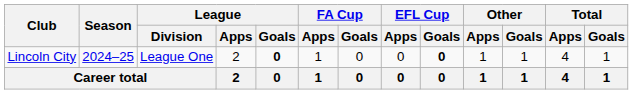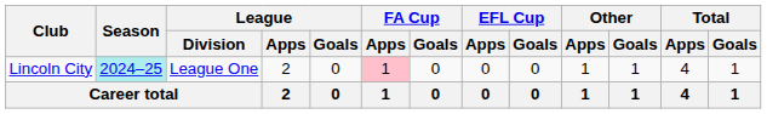 <table class="wikitable" style="text-align:center;">
 <tr>
 <th rowspan="2">Club</th>
 <th rowspan="2">Season</th>
 <th colspan="3">League</th>
 <th colspan="2"><a href='#'>FA Cup</a></th>
 <th colspan="2"><a href='#'>EFL Cup</a></th>
 <th colspan="2">Other</th>
 <th colspan="2">Total</th>
 </tr>
 <tr>
 <th>Division</th>
 <th>Apps</th>
 <th>Goals</th>
 <th>Apps</th>
 <th>Goals</th>
 <th>Apps</th>
 <th>Goals</th>
 <th>Apps</th>
 <th>Goals</th>
 <th>Apps</th>
 <th>Goals</th>
 </tr>
 <tr>
 <td><a href='#'>Lincoln City</a></td>
-<td><a href='#'>2024–25</a></td>
+<td style="background: paleturquoise;"><a href='#'>2024–25</a></td>
 <td><a href='#'>League One</a></td>
 <td>2</td>
-<td><strong>0</strong></td>
-<td>1</td>
+<td>0</td>
+<td style="background: pink;">1</td>
 <td>0</td>
 <td>0</td>
-<td><strong>0</strong></td>
+<td>0</td>
 <td>1</td>
 <td>1</td>
 <td>4</td>
 <td>1</td>
 </tr>
 <tr>
 <th colspan="3">Career total</th>
 <th>2</th>
 <th>0</th>
 <th>1</th>
 <th>0</th>
 <th>0</th>
 <th>0</th>
 <th>1</th>
 <th>1</th>
 <th>4</th>
 <th>1</th>
 </tr>
 </table>
